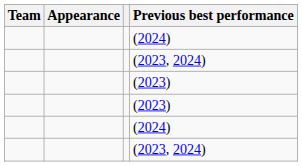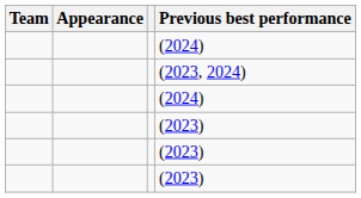 <table class="wikitable sortable">
 <tr>
 <th>Team</th>
 <th data-sort-type="number">Appearance</th>
 <th></th>
 <th>Previous best performance</th>
 </tr>
 <tr>
 <td></td>
 <td></td>
 <td></td>
 <td> (<a href='#'>2024</a>)</td>
 </tr>
 <tr>
 <td></td>
 <td></td>
 <td></td>
 <td> (<a href='#'>2023</a>, <a href='#'>2024</a>)</td>
 </tr>
 <tr>
 <td></td>
 <td></td>
 <td></td>
+<td> (<a href='#'>2024</a>)</td>
+</tr>
+<tr>
+<td></td>
+<td></td>
+<td></td>
 <td> (<a href='#'>2023</a>)</td>
 </tr>
 <tr>
 <td></td>
 <td></td>
 <td></td>
 <td> (<a href='#'>2023</a>)</td>
 </tr>
 <tr>
 <td></td>
 <td></td>
 <td></td>
-<td> (<a href='#'>2024</a>)</td>
-</tr>
-<tr>
-<td></td>
-<td></td>
-<td></td>
-<td> (<a href='#'>2023</a>, <a href='#'>2024</a>)</td>
+<td> (<a href='#'>2023</a>)</td>
 </tr>
 </table>
